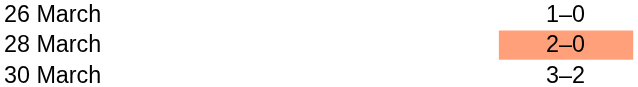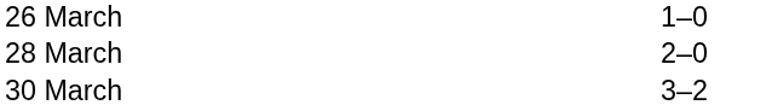 <table cellspacing=1 width=70%>
 <tr>
 <th width=25%></th>
 <th width=30%></th>
 <th width=15%></th>
 <th width=30%></th>
 </tr>
 <tr>
 <td>26 March</td>
 <td align=right></td>
 <td align=center>1–0</td>
 <td></td>
 </tr>
 <tr>
 <td>28 March</td>
 <td align=right></td>
-<td align=center style="background: lightsalmon;">2–0</td>
+<td align=center>2–0</td>
 <td></td>
 </tr>
 <tr>
 <td>30 March</td>
 <td align=right></td>
 <td align=center>3–2</td>
 <td></td>
 </tr>
 </table>
